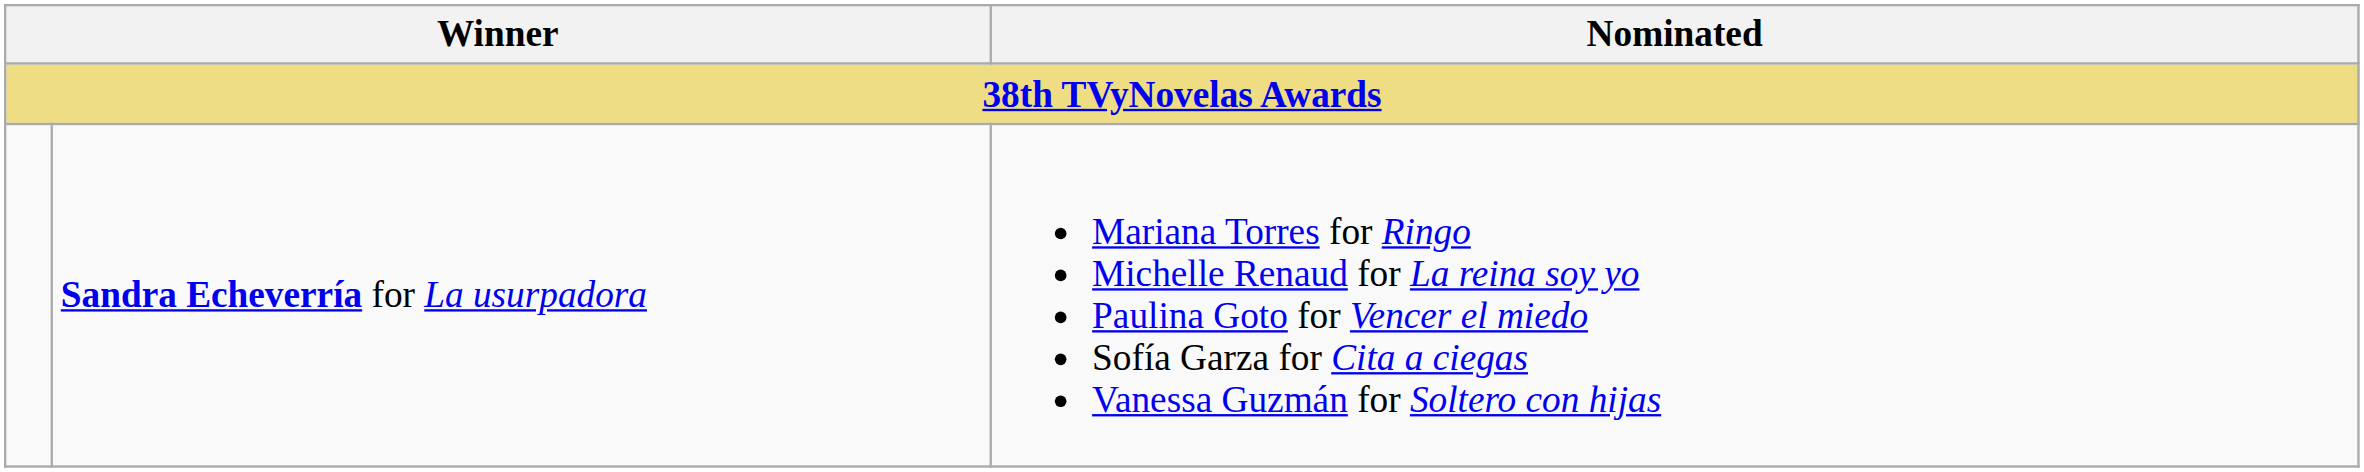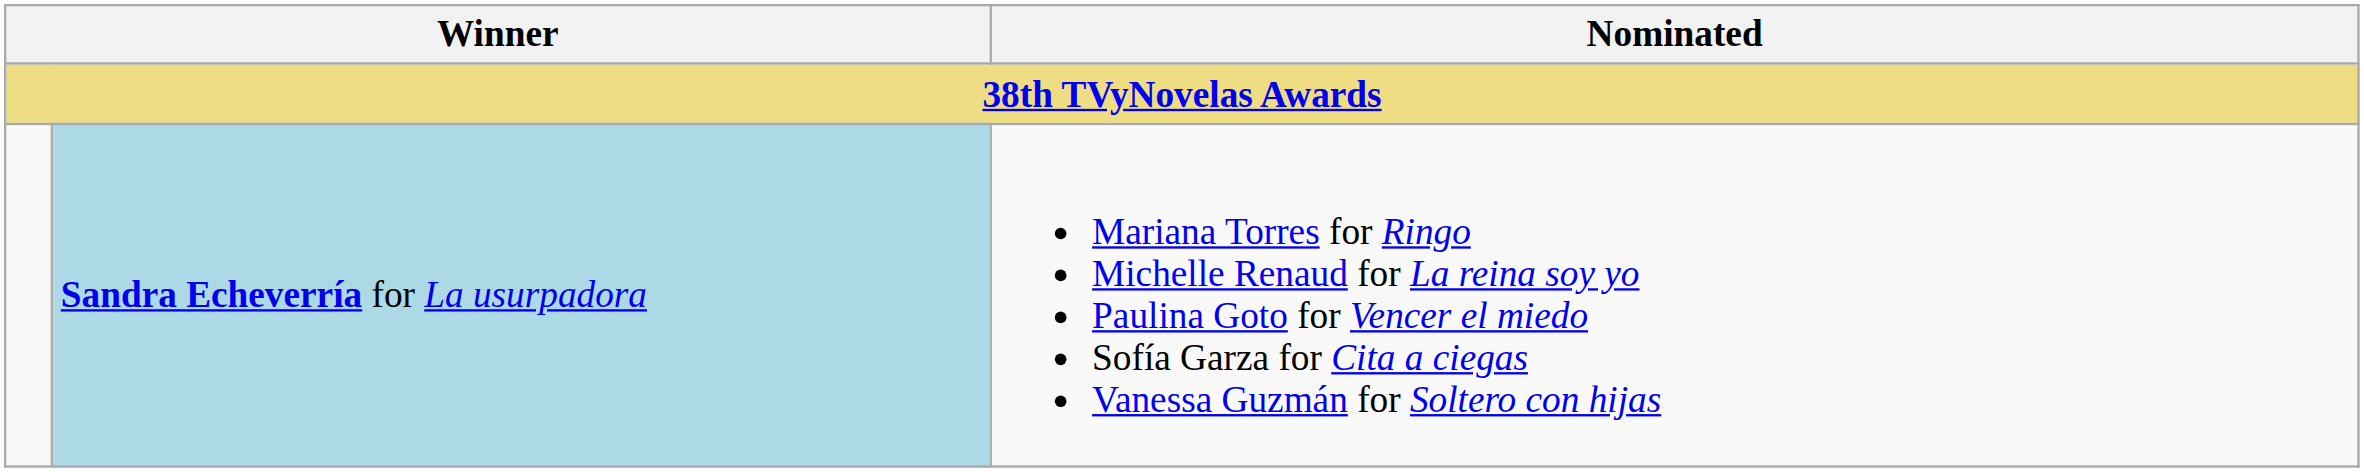 <table class="wikitable" width=80%>
 <tr align=center>
 <th width="150px;" colspan=2; align="center">Winner</th>
 <th width="580px;" align="center">Nominated</th>
 </tr>
 <tr>
 <th colspan=9 style="background:#EEDD82;"  align="center"><strong><a href='#'>38th TVyNovelas Awards</a></strong></th>
 </tr>
 <tr>
 <td width=2%></td>
-<td><strong><a href='#'>Sandra Echeverría</a></strong> for <em><a href='#'>La usurpadora</a></em></td>
+<td style="background: lightblue;"><strong><a href='#'>Sandra Echeverría</a></strong> for <em><a href='#'>La usurpadora</a></em></td>
 <td><br><ul><li><a href='#'>Mariana Torres</a> for <em><a href='#'>Ringo</a></em></li><li><a href='#'>Michelle Renaud</a> for <em><a href='#'>La reina soy yo</a></em></li><li><a href='#'>Paulina Goto</a> for <em><a href='#'>Vencer el miedo</a></em></li><li>Sofía Garza for <em><a href='#'>Cita a ciegas</a></em></li><li><a href='#'>Vanessa Guzmán</a> for <em><a href='#'>Soltero con hijas</a></em></li></ul></td>
 </tr>
 </table>
